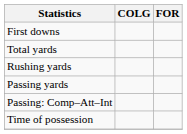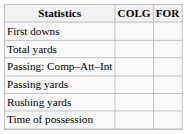 <table class="wikitable" style="float: left;">
 <tr>
 <th>Statistics</th>
 <th>COLG</th>
 <th>FOR</th>
 </tr>
 <tr>
 <td>First downs</td>
 <td></td>
 <td></td>
 </tr>
 <tr>
 <td>Total yards</td>
 <td></td>
 <td></td>
 </tr>
 <tr>
-<td>Rushing yards</td>
+<td>Passing: Comp–Att–Int</td>
 <td></td>
 <td></td>
 </tr>
 <tr>
 <td>Passing yards</td>
 <td></td>
 <td></td>
 </tr>
 <tr>
-<td>Passing: Comp–Att–Int</td>
+<td>Rushing yards</td>
 <td></td>
 <td></td>
 </tr>
 <tr>
 <td>Time of possession</td>
 <td></td>
 <td></td>
 </tr>
 <tr>
 </tr>
 </table>
